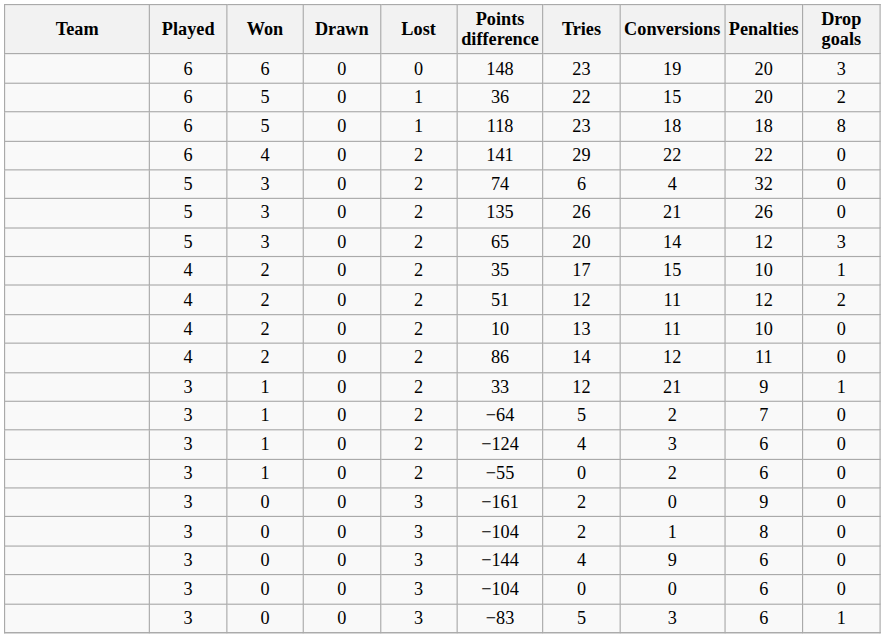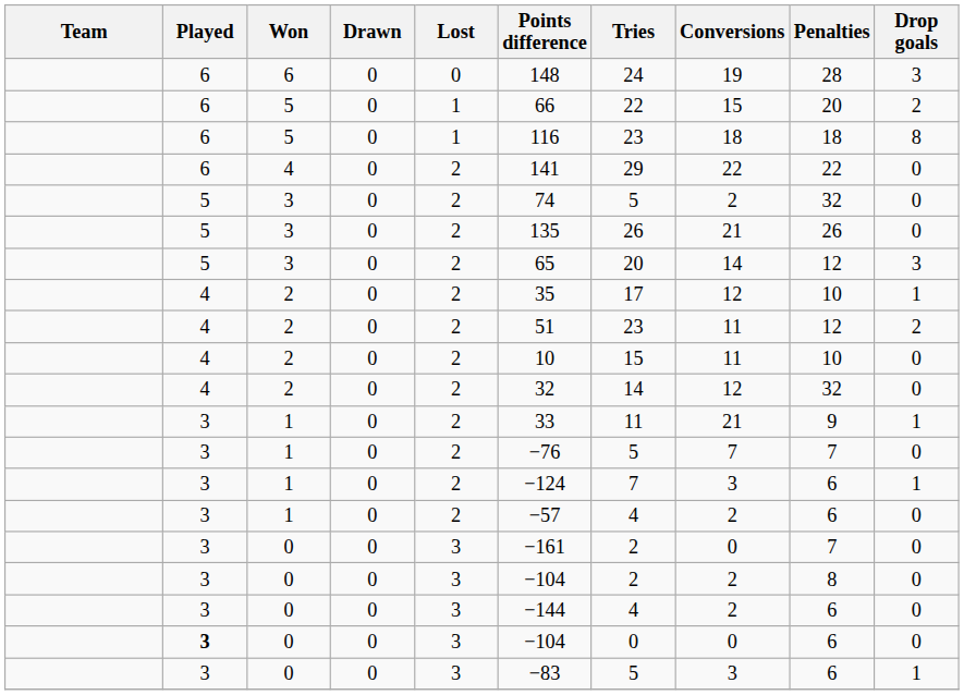 <table class="wikitable sortable" style=text-align:center>
 <tr>
 <th width=120>Team</th>
 <th width=60>Played</th>
 <th width=60>Won</th>
 <th width=60>Drawn</th>
 <th width=60>Lost</th>
 <th width=60>Points<br>difference</th>
 <th width=60>Tries</th>
 <th width=60>Conversions</th>
 <th width=60>Penalties</th>
 <th width=60>Drop goals</th>
 </tr>
 <tr>
 <td align=left></td>
 <td>6</td>
 <td>6</td>
 <td>0</td>
 <td>0</td>
 <td>148</td>
-<td>23</td>
+<td>24</td>
 <td>19</td>
-<td>20</td>
+<td>28</td>
 <td>3</td>
 </tr>
 <tr>
 <td align=left></td>
 <td>6</td>
 <td>5</td>
 <td>0</td>
 <td>1</td>
-<td>36</td>
+<td>66</td>
 <td>22</td>
 <td>15</td>
 <td>20</td>
 <td>2</td>
 </tr>
 <tr>
 <td align=left></td>
 <td>6</td>
 <td>5</td>
 <td>0</td>
 <td>1</td>
-<td>118</td>
+<td>116</td>
 <td>23</td>
 <td>18</td>
 <td>18</td>
 <td>8</td>
 </tr>
 <tr>
 <td align=left></td>
 <td>6</td>
 <td>4</td>
 <td>0</td>
 <td>2</td>
 <td>141</td>
 <td>29</td>
 <td>22</td>
 <td>22</td>
 <td>0</td>
 </tr>
 <tr>
 <td align=left></td>
 <td>5</td>
 <td>3</td>
 <td>0</td>
 <td>2</td>
 <td>74</td>
-<td>6</td>
-<td>4</td>
+<td>5</td>
+<td>2</td>
 <td>32</td>
 <td>0</td>
 </tr>
 <tr>
 <td align=left></td>
 <td>5</td>
 <td>3</td>
 <td>0</td>
 <td>2</td>
 <td>135</td>
 <td>26</td>
 <td>21</td>
 <td>26</td>
 <td>0</td>
 </tr>
 <tr>
 <td align=left></td>
 <td>5</td>
 <td>3</td>
 <td>0</td>
 <td>2</td>
 <td>65</td>
 <td>20</td>
 <td>14</td>
 <td>12</td>
 <td>3</td>
 </tr>
 <tr>
 <td align=left></td>
 <td>4</td>
 <td>2</td>
 <td>0</td>
 <td>2</td>
 <td>35</td>
 <td>17</td>
-<td>15</td>
+<td>12</td>
 <td>10</td>
 <td>1</td>
 </tr>
 <tr>
 <td align=left></td>
 <td>4</td>
 <td>2</td>
 <td>0</td>
 <td>2</td>
 <td>51</td>
-<td>12</td>
+<td>23</td>
 <td>11</td>
 <td>12</td>
 <td>2</td>
 </tr>
 <tr>
 <td align=left></td>
 <td>4</td>
 <td>2</td>
 <td>0</td>
 <td>2</td>
 <td>10</td>
-<td>13</td>
+<td>15</td>
 <td>11</td>
 <td>10</td>
 <td>0</td>
 </tr>
 <tr>
 <td align=left></td>
 <td>4</td>
 <td>2</td>
 <td>0</td>
 <td>2</td>
-<td>86</td>
+<td>32</td>
 <td>14</td>
 <td>12</td>
-<td>11</td>
+<td>32</td>
 <td>0</td>
 </tr>
 <tr>
 <td align=left></td>
 <td>3</td>
 <td>1</td>
 <td>0</td>
 <td>2</td>
 <td>33</td>
-<td>12</td>
+<td>11</td>
 <td>21</td>
 <td>9</td>
 <td>1</td>
 </tr>
 <tr>
 <td align=left></td>
 <td>3</td>
 <td>1</td>
 <td>0</td>
 <td>2</td>
-<td>−64</td>
+<td>−76</td>
 <td>5</td>
-<td>2</td>
+<td>7</td>
 <td>7</td>
 <td>0</td>
 </tr>
 <tr>
 <td align=left></td>
 <td>3</td>
 <td>1</td>
 <td>0</td>
 <td>2</td>
 <td>−124</td>
-<td>4</td>
+<td>7</td>
 <td>3</td>
 <td>6</td>
-<td>0</td>
+<td>1</td>
 </tr>
 <tr>
 <td align=left></td>
 <td>3</td>
 <td>1</td>
 <td>0</td>
 <td>2</td>
-<td>−55</td>
-<td>0</td>
+<td>−57</td>
+<td>4</td>
 <td>2</td>
 <td>6</td>
 <td>0</td>
 </tr>
 <tr>
 <td align=left></td>
 <td>3</td>
 <td>0</td>
 <td>0</td>
 <td>3</td>
 <td>−161</td>
 <td>2</td>
 <td>0</td>
-<td>9</td>
+<td>7</td>
 <td>0</td>
 </tr>
 <tr>
 <td align=left></td>
 <td>3</td>
 <td>0</td>
 <td>0</td>
 <td>3</td>
 <td>−104</td>
 <td>2</td>
-<td>1</td>
+<td>2</td>
 <td>8</td>
 <td>0</td>
 </tr>
 <tr>
 <td align=left></td>
 <td>3</td>
 <td>0</td>
 <td>0</td>
 <td>3</td>
 <td>−144</td>
 <td>4</td>
-<td>9</td>
+<td>2</td>
 <td>6</td>
 <td>0</td>
 </tr>
 <tr>
 <td align=left></td>
-<td>3</td>
+<td><strong>3</strong></td>
 <td>0</td>
 <td>0</td>
 <td>3</td>
 <td>−104</td>
 <td>0</td>
 <td>0</td>
 <td>6</td>
 <td>0</td>
 </tr>
 <tr>
 <td align=left></td>
 <td>3</td>
 <td>0</td>
 <td>0</td>
 <td>3</td>
 <td>−83</td>
 <td>5</td>
 <td>3</td>
 <td>6</td>
 <td>1</td>
 </tr>
 <tr>
 </tr>
 </table>
